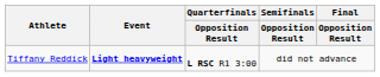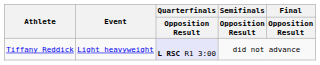 <table class="wikitable" border="1" style="font-size:90%">
 <tr>
 <th rowspan=2>Athlete</th>
 <th rowspan=2>Event</th>
 <th>Quarterfinals</th>
 <th>Semifinals</th>
 <th>Final</th>
 </tr>
 <tr>
 <th>Opposition<br>Result</th>
 <th>Opposition<br>Result</th>
 <th>Opposition<br>Result</th>
 </tr>
 <tr>
 <td><a href='#'>Tiffany Reddick</a></td>
-<td><strong><a href='#'>Light heavyweight</a></strong></td>
-<td align=center><br><strong>L</strong> <strong>RSC</strong> R1 3:00</td>
+<td><a href='#'>Light heavyweight</a></td>
+<td align=center style="background: lavender;"><br><strong>L</strong> <strong>RSC</strong> R1 3:00</td>
 <td align=center colspan="7">did not advance</td>
 </tr>
 </table>
